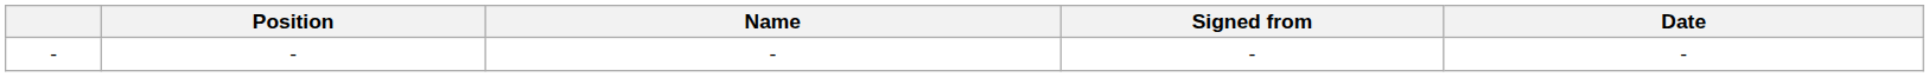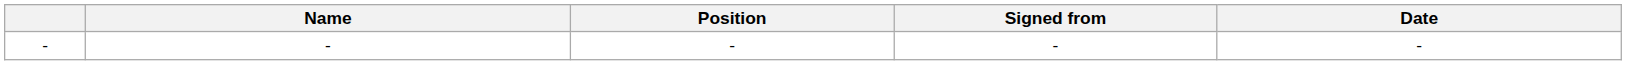 <table class="wikitable sortable"  style="width:100%; font-size:85%;">
 <tr style="background:#efefef;">
 <th width=5%></th>
+<th width=30%>Name</th>
 <th !width=30%>Position</th>
-<th width=30%>Name</th>
 <th width=20%>Signed from</th>
 <th width=25%>Date</th>
 </tr>
 <tr style="background:#fff;">
 <td align=center>-</td>
 <td align=center>-</td>
 <td align=center>-</td>
 <td align=center>-</td>
 <td align=center>-</td>
 </tr>
 </table>
